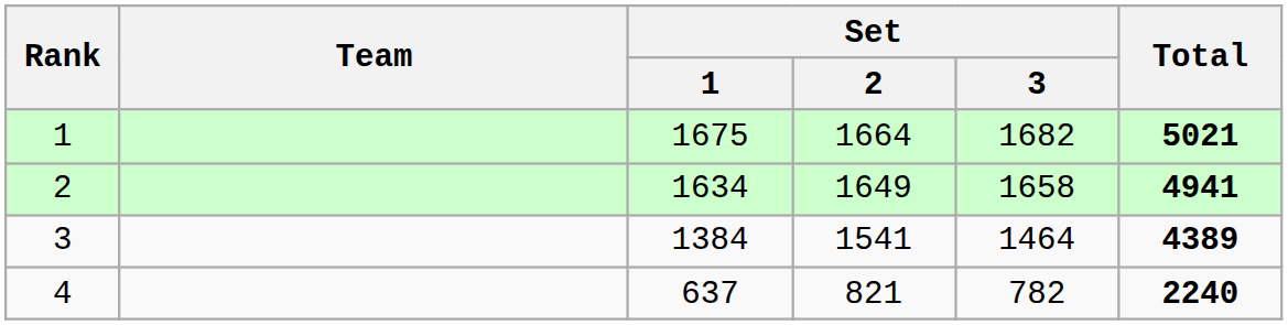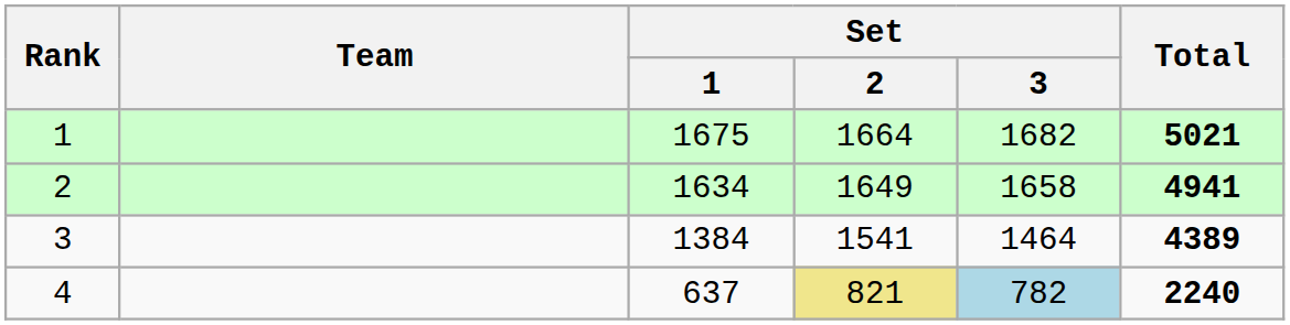 <table class=wikitable style="text-align:center">
 <tr>
 <th rowspan="2" width=40>Rank</th>
 <th rowspan="2" width=200>Team</th>
 <th colspan="3">Set</th>
 <th rowspan="2" width=60>Total</th>
 </tr>
 <tr>
 <th width=60>1</th>
 <th width=60>2</th>
 <th width=60>3</th>
 </tr>
 <tr bgcolor="ccffcc">
 <td>1</td>
 <td align=left></td>
 <td>1675</td>
 <td>1664</td>
 <td>1682</td>
 <td><strong>5021</strong></td>
 </tr>
 <tr bgcolor="ccffcc">
 <td>2</td>
 <td align=left></td>
 <td>1634</td>
 <td>1649</td>
 <td>1658</td>
 <td><strong>4941</strong></td>
 </tr>
 <tr>
 <td>3</td>
 <td align=left></td>
 <td>1384</td>
 <td>1541</td>
 <td>1464</td>
 <td><strong>4389</strong></td>
 </tr>
 <tr>
 <td>4</td>
 <td align=left></td>
 <td>637</td>
-<td>821</td>
-<td>782</td>
+<td style="background: khaki;">821</td>
+<td style="background: lightblue;">782</td>
 <td><strong>2240</strong></td>
 </tr>
 </table>
